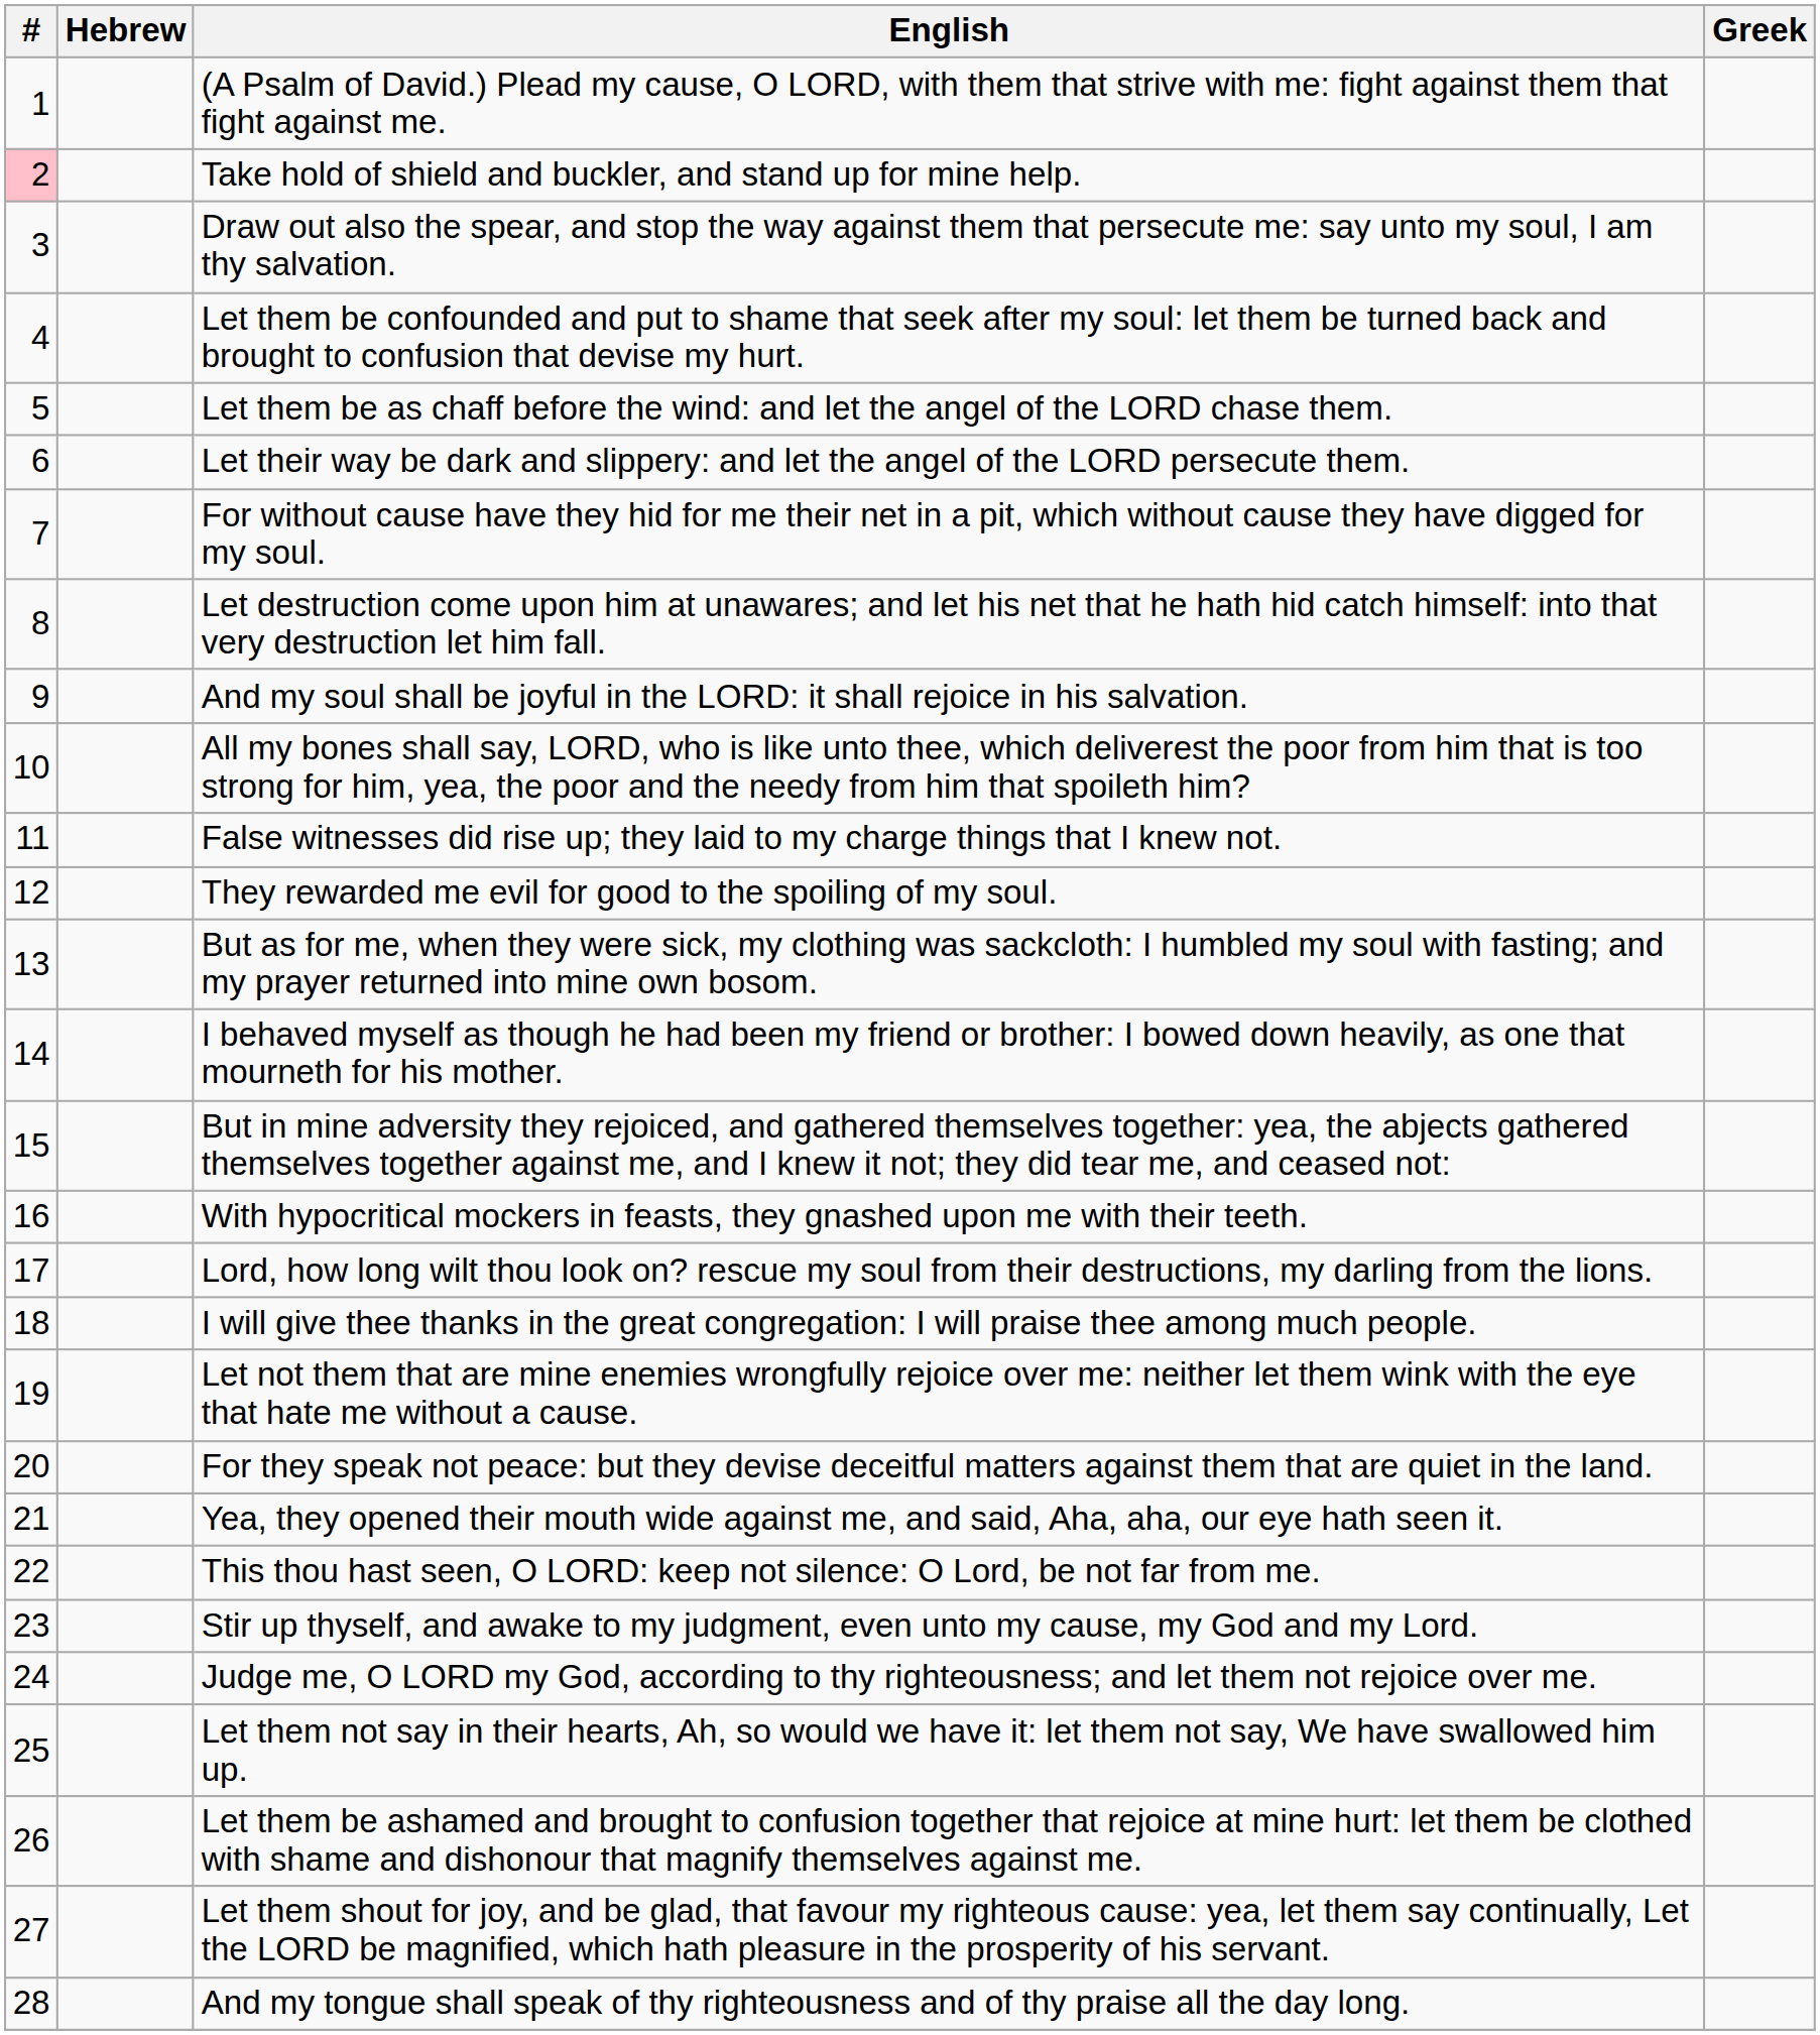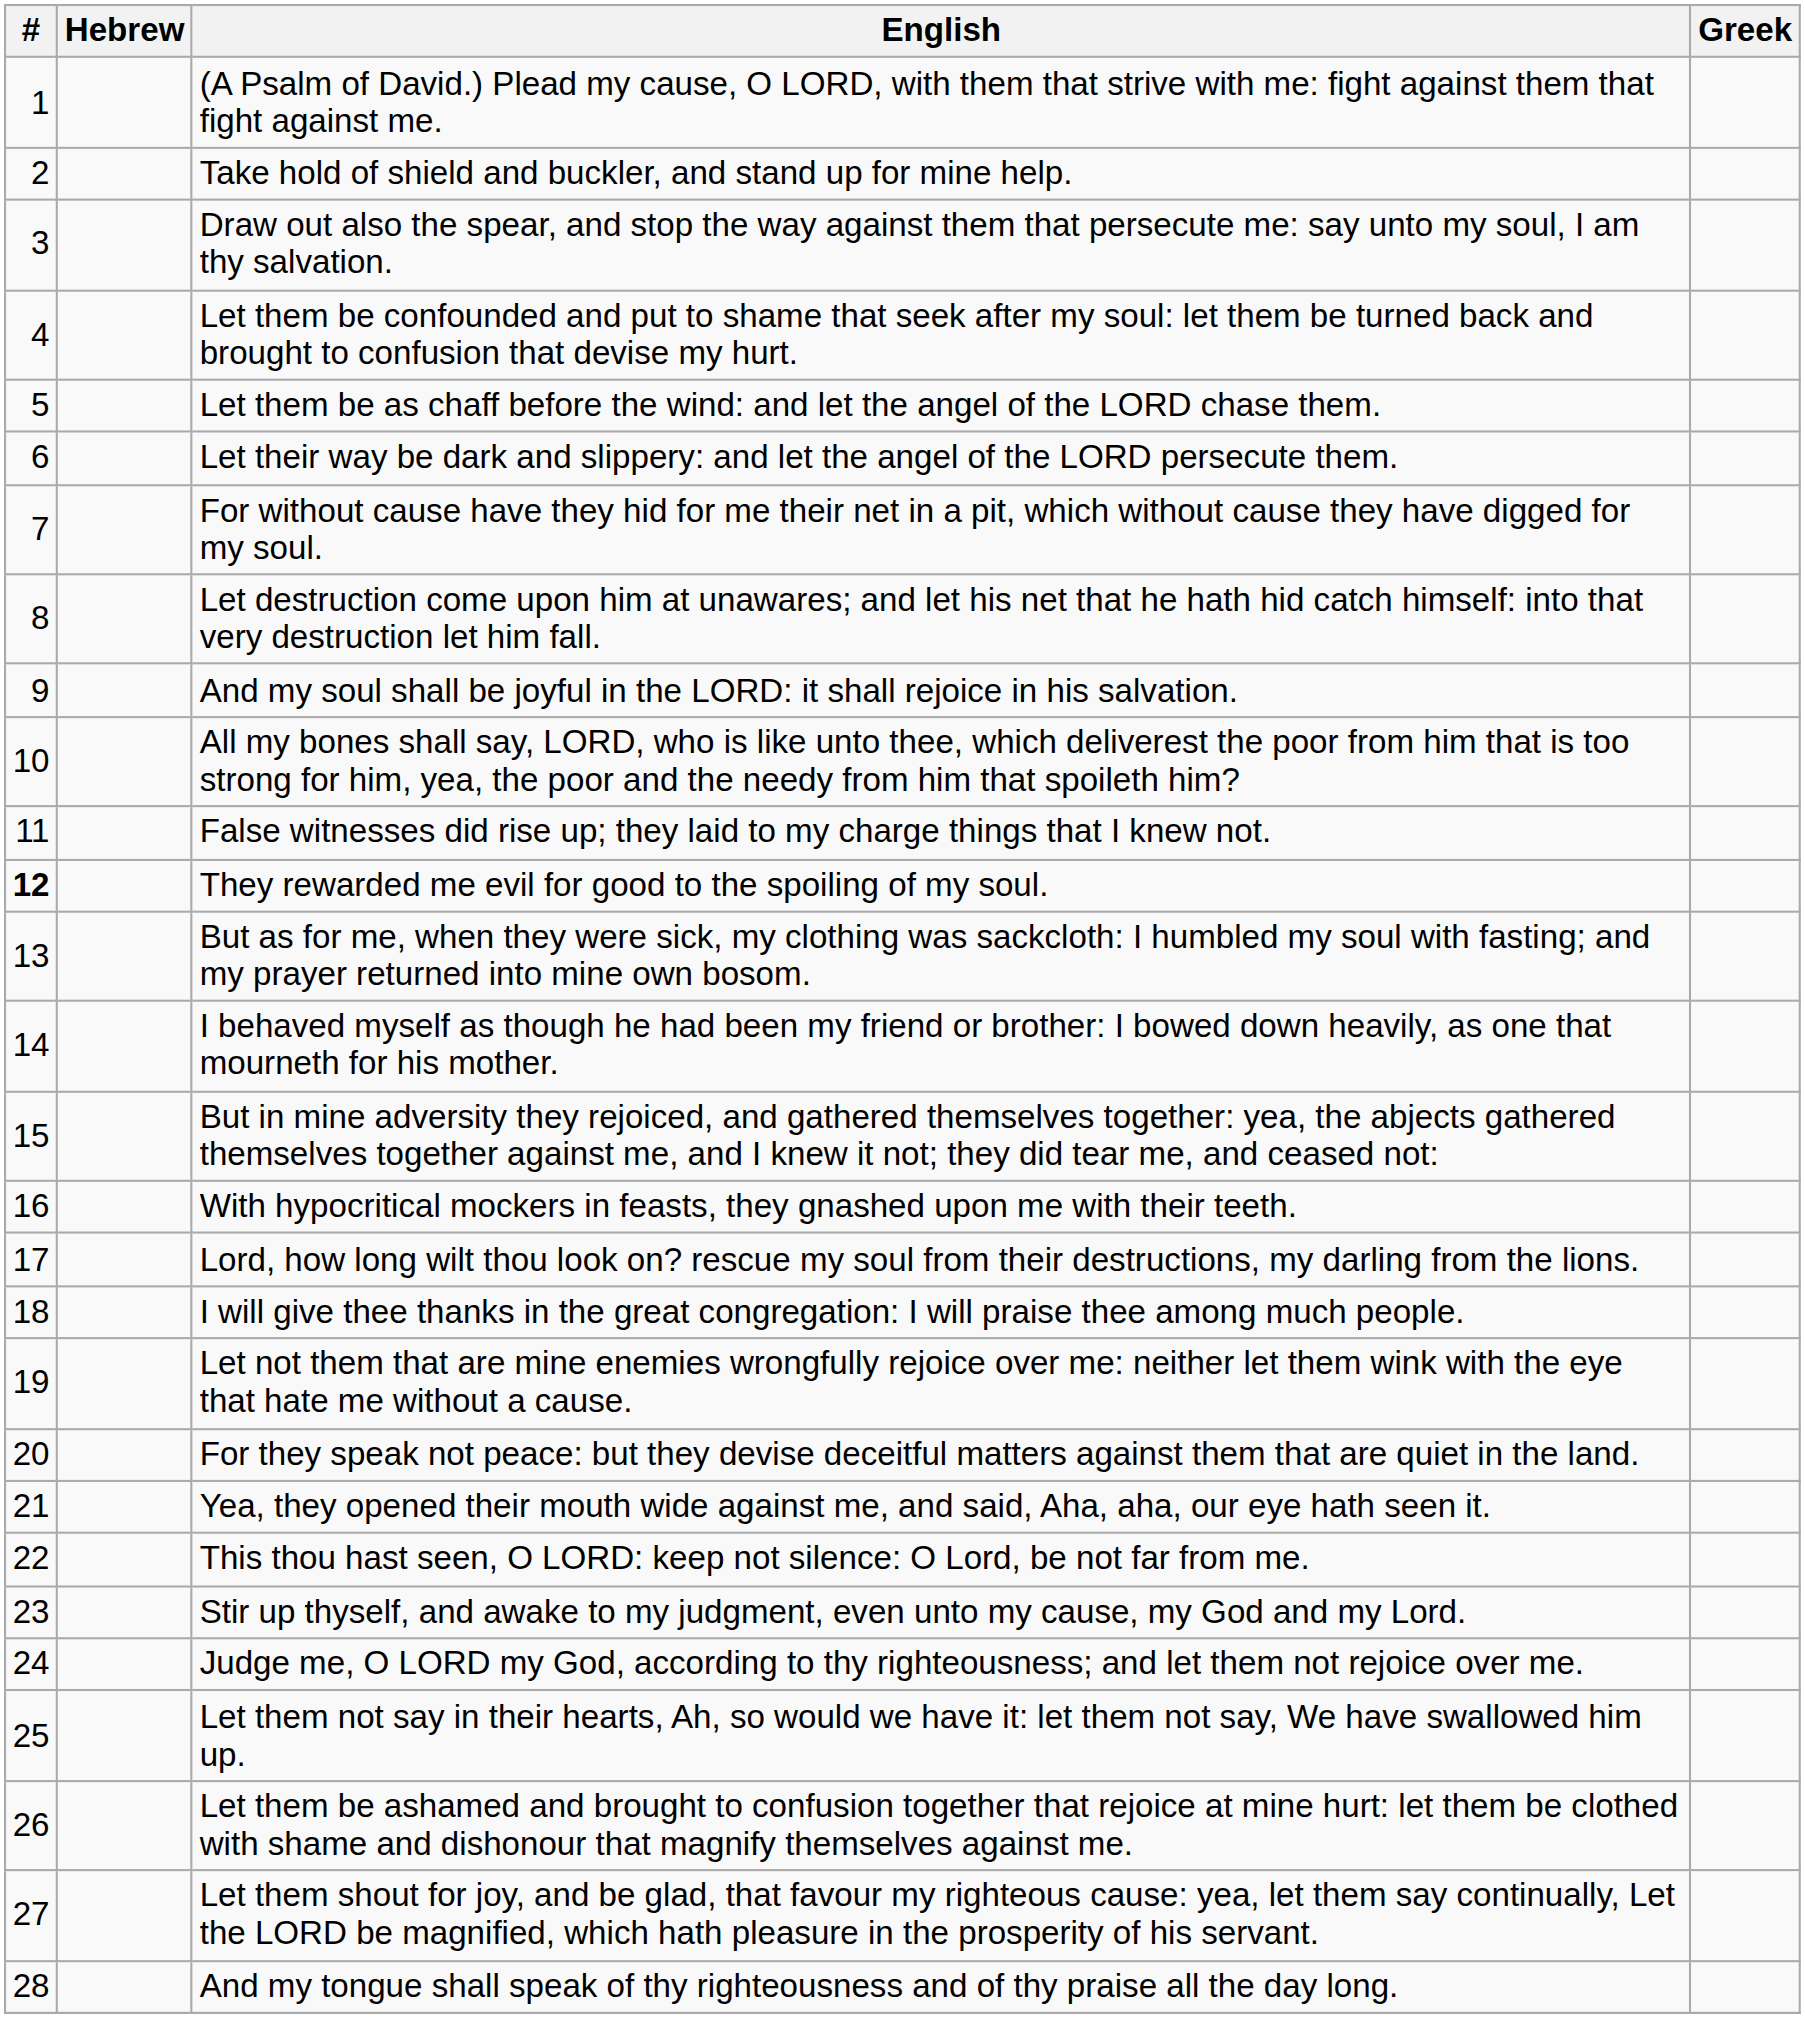 <table class=wikitable>
 <tr>
 <th>#</th>
 <th>Hebrew</th>
 <th>English</th>
 <th>Greek</th>
 </tr>
 <tr>
 <td style="text-align:right">1</td>
 <td style="text-align:right"></td>
 <td>(A Psalm of David.) Plead my cause, O LORD, with them that strive with me: fight against them that fight against me.</td>
 <td></td>
 </tr>
 <tr>
-<td style="background: pink; text-align:right">2</td>
+<td style="text-align:right">2</td>
 <td style="text-align:right"></td>
 <td>Take hold of shield and buckler, and stand up for mine help.</td>
 <td></td>
 </tr>
 <tr>
 <td style="text-align:right">3</td>
 <td style="text-align:right"></td>
 <td>Draw out also the spear, and stop the way against them that persecute me: say unto my soul, I am thy salvation.</td>
 <td></td>
 </tr>
 <tr>
 <td style="text-align:right">4</td>
 <td style="text-align:right"></td>
 <td>Let them be confounded and put to shame that seek after my soul: let them be turned back and brought to confusion that devise my hurt.</td>
 <td></td>
 </tr>
 <tr>
 <td style="text-align:right">5</td>
 <td style="text-align:right"></td>
 <td>Let them be as chaff before the wind: and let the angel of the LORD chase them.</td>
 <td></td>
 </tr>
 <tr>
 <td style="text-align:right">6</td>
 <td style="text-align:right"></td>
 <td>Let their way be dark and slippery: and let the angel of the LORD persecute them.</td>
 <td></td>
 </tr>
 <tr>
 <td style="text-align:right">7</td>
 <td style="text-align:right"></td>
 <td>For without cause have they hid for me their net in a pit, which without cause they have digged for my soul.</td>
 <td></td>
 </tr>
 <tr>
 <td style="text-align:right">8</td>
 <td style="text-align:right"></td>
 <td>Let destruction come upon him at unawares; and let his net that he hath hid catch himself: into that very destruction let him fall.</td>
 <td></td>
 </tr>
 <tr>
 <td style="text-align:right">9</td>
 <td style="text-align:right"></td>
 <td>And my soul shall be joyful in the LORD: it shall rejoice in his salvation.</td>
 <td></td>
 </tr>
 <tr>
 <td style="text-align:right">10</td>
 <td style="text-align:right"></td>
 <td>All my bones shall say, LORD, who is like unto thee, which deliverest the poor from him that is too strong for him, yea, the poor and the needy from him that spoileth him?</td>
 <td></td>
 </tr>
 <tr>
 <td style="text-align:right">11</td>
 <td style="text-align:right"></td>
 <td>False witnesses did rise up; they laid to my charge things that I knew not.</td>
 <td></td>
 </tr>
 <tr>
-<td style="text-align:right">12</td>
+<td style="text-align:right"><strong>12</strong></td>
 <td style="text-align:right"></td>
 <td>They rewarded me evil for good to the spoiling of my soul.</td>
 <td></td>
 </tr>
 <tr>
 <td style="text-align:right">13</td>
 <td style="text-align:right"></td>
 <td>But as for me, when they were sick, my clothing was sackcloth: I humbled my soul with fasting; and my prayer returned into mine own bosom.</td>
 <td></td>
 </tr>
 <tr>
 <td style="text-align:right">14</td>
 <td style="text-align:right"></td>
 <td>I behaved myself as though he had been my friend or brother: I bowed down heavily, as one that mourneth for his mother.</td>
 <td></td>
 </tr>
 <tr>
 <td style="text-align:right">15</td>
 <td style="text-align:right"></td>
 <td>But in mine adversity they rejoiced, and gathered themselves together: yea, the abjects gathered themselves together against me, and I knew it not; they did tear me, and ceased not:</td>
 <td></td>
 </tr>
 <tr>
 <td style="text-align:right">16</td>
 <td style="text-align:right"></td>
 <td>With hypocritical mockers in feasts, they gnashed upon me with their teeth.</td>
 <td></td>
 </tr>
 <tr>
 <td style="text-align:right">17</td>
 <td style="text-align:right"></td>
 <td>Lord, how long wilt thou look on? rescue my soul from their destructions, my darling from the lions.</td>
 <td></td>
 </tr>
 <tr>
 <td style="text-align:right">18</td>
 <td style="text-align:right"></td>
 <td>I will give thee thanks in the great congregation: I will praise thee among much people.</td>
 <td></td>
 </tr>
 <tr>
 <td style="text-align:right">19</td>
 <td style="text-align:right"></td>
 <td>Let not them that are mine enemies wrongfully rejoice over me: neither let them wink with the eye that hate me without a cause.</td>
 <td></td>
 </tr>
 <tr>
 <td style="text-align:right">20</td>
 <td style="text-align:right"></td>
 <td>For they speak not peace: but they devise deceitful matters against them that are quiet in the land.</td>
 <td></td>
 </tr>
 <tr>
 <td style="text-align:right">21</td>
 <td style="text-align:right"></td>
 <td>Yea, they opened their mouth wide against me, and said, Aha, aha, our eye hath seen it.</td>
 <td></td>
 </tr>
 <tr>
 <td style="text-align:right">22</td>
 <td style="text-align:right"></td>
 <td>This thou hast seen, O LORD: keep not silence: O Lord, be not far from me.</td>
 <td></td>
 </tr>
 <tr>
 <td style="text-align:right">23</td>
 <td style="text-align:right"></td>
 <td>Stir up thyself, and awake to my judgment, even unto my cause, my God and my Lord.</td>
 <td></td>
 </tr>
 <tr>
 <td style="text-align:right">24</td>
 <td style="text-align:right"></td>
 <td>Judge me, O LORD my God, according to thy righteousness; and let them not rejoice over me.</td>
 <td></td>
 </tr>
 <tr>
 <td style="text-align:right">25</td>
 <td style="text-align:right"></td>
 <td>Let them not say in their hearts, Ah, so would we have it: let them not say, We have swallowed him up.</td>
 <td></td>
 </tr>
 <tr>
 <td style="text-align:right">26</td>
 <td style="text-align:right"></td>
 <td>Let them be ashamed and brought to confusion together that rejoice at mine hurt: let them be clothed with shame and dishonour that magnify themselves against me.</td>
 <td></td>
 </tr>
 <tr>
 <td style="text-align:right">27</td>
 <td style="text-align:right"></td>
 <td>Let them shout for joy, and be glad, that favour my righteous cause: yea, let them say continually, Let the LORD be magnified, which hath pleasure in the prosperity of his servant.</td>
 <td></td>
 </tr>
 <tr>
 <td style="text-align:right">28</td>
 <td style="text-align:right"></td>
 <td>And my tongue shall speak of thy righteousness and of thy praise all the day long.</td>
 <td></td>
 </tr>
 <tr>
 </tr>
 </table>
